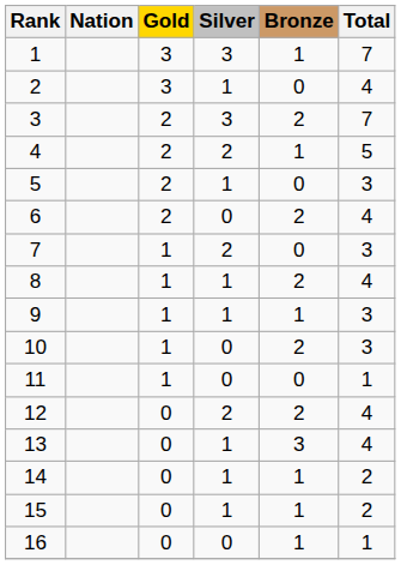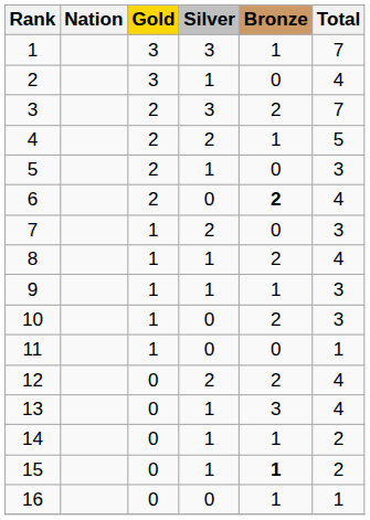 <table class="wikitable sortable" style="text-align:center">
 <tr>
 <th class="unsortable">Rank</th>
 <th>Nation</th>
 <th style="background-color:gold">Gold</th>
 <th style="background-color:silver">Silver</th>
 <th style="background-color:#cc9966">Bronze</th>
 <th>Total</th>
 </tr>
 <tr>
 <td>1</td>
 <td align=left></td>
 <td>3</td>
 <td>3</td>
 <td>1</td>
 <td>7</td>
 </tr>
 <tr>
 <td>2</td>
 <td align=left></td>
 <td>3</td>
 <td>1</td>
 <td>0</td>
 <td>4</td>
 </tr>
 <tr>
 <td>3</td>
 <td align=left></td>
 <td>2</td>
 <td>3</td>
 <td>2</td>
 <td>7</td>
 </tr>
 <tr>
 <td>4</td>
 <td align=left></td>
 <td>2</td>
 <td>2</td>
 <td>1</td>
 <td>5</td>
 </tr>
 <tr>
 <td>5</td>
 <td align=left></td>
 <td>2</td>
 <td>1</td>
 <td>0</td>
 <td>3</td>
 </tr>
 <tr>
 <td>6</td>
 <td align="left"></td>
 <td>2</td>
 <td>0</td>
-<td>2</td>
+<td><strong>2</strong></td>
 <td>4</td>
 </tr>
 <tr>
 <td>7</td>
 <td align="left"></td>
 <td>1</td>
 <td>2</td>
 <td>0</td>
 <td>3</td>
 </tr>
 <tr>
 <td>8</td>
 <td align="left"></td>
 <td>1</td>
 <td>1</td>
 <td>2</td>
 <td>4</td>
 </tr>
 <tr>
 <td>9</td>
 <td align="left"></td>
 <td>1</td>
 <td>1</td>
 <td>1</td>
 <td>3</td>
 </tr>
 <tr>
 <td>10</td>
 <td align="left"></td>
 <td>1</td>
 <td>0</td>
 <td>2</td>
 <td>3</td>
 </tr>
 <tr>
 <td>11</td>
 <td align="left"></td>
 <td>1</td>
 <td>0</td>
 <td>0</td>
 <td>1</td>
 </tr>
 <tr>
 <td>12</td>
 <td align="left"></td>
 <td>0</td>
 <td>2</td>
 <td>2</td>
 <td>4</td>
 </tr>
 <tr>
 <td>13</td>
 <td align="left"></td>
 <td>0</td>
 <td>1</td>
 <td>3</td>
 <td>4</td>
 </tr>
 <tr>
 <td>14</td>
 <td align="left"></td>
 <td>0</td>
 <td>1</td>
 <td>1</td>
 <td>2</td>
 </tr>
 <tr>
 <td>15</td>
 <td align="left"></td>
 <td>0</td>
 <td>1</td>
-<td>1</td>
+<td><strong>1</strong></td>
 <td>2</td>
 </tr>
 <tr>
 <td>16</td>
 <td align="left"></td>
 <td>0</td>
 <td>0</td>
 <td>1</td>
 <td>1</td>
 </tr>
 <tr>
 </tr>
 </table>
